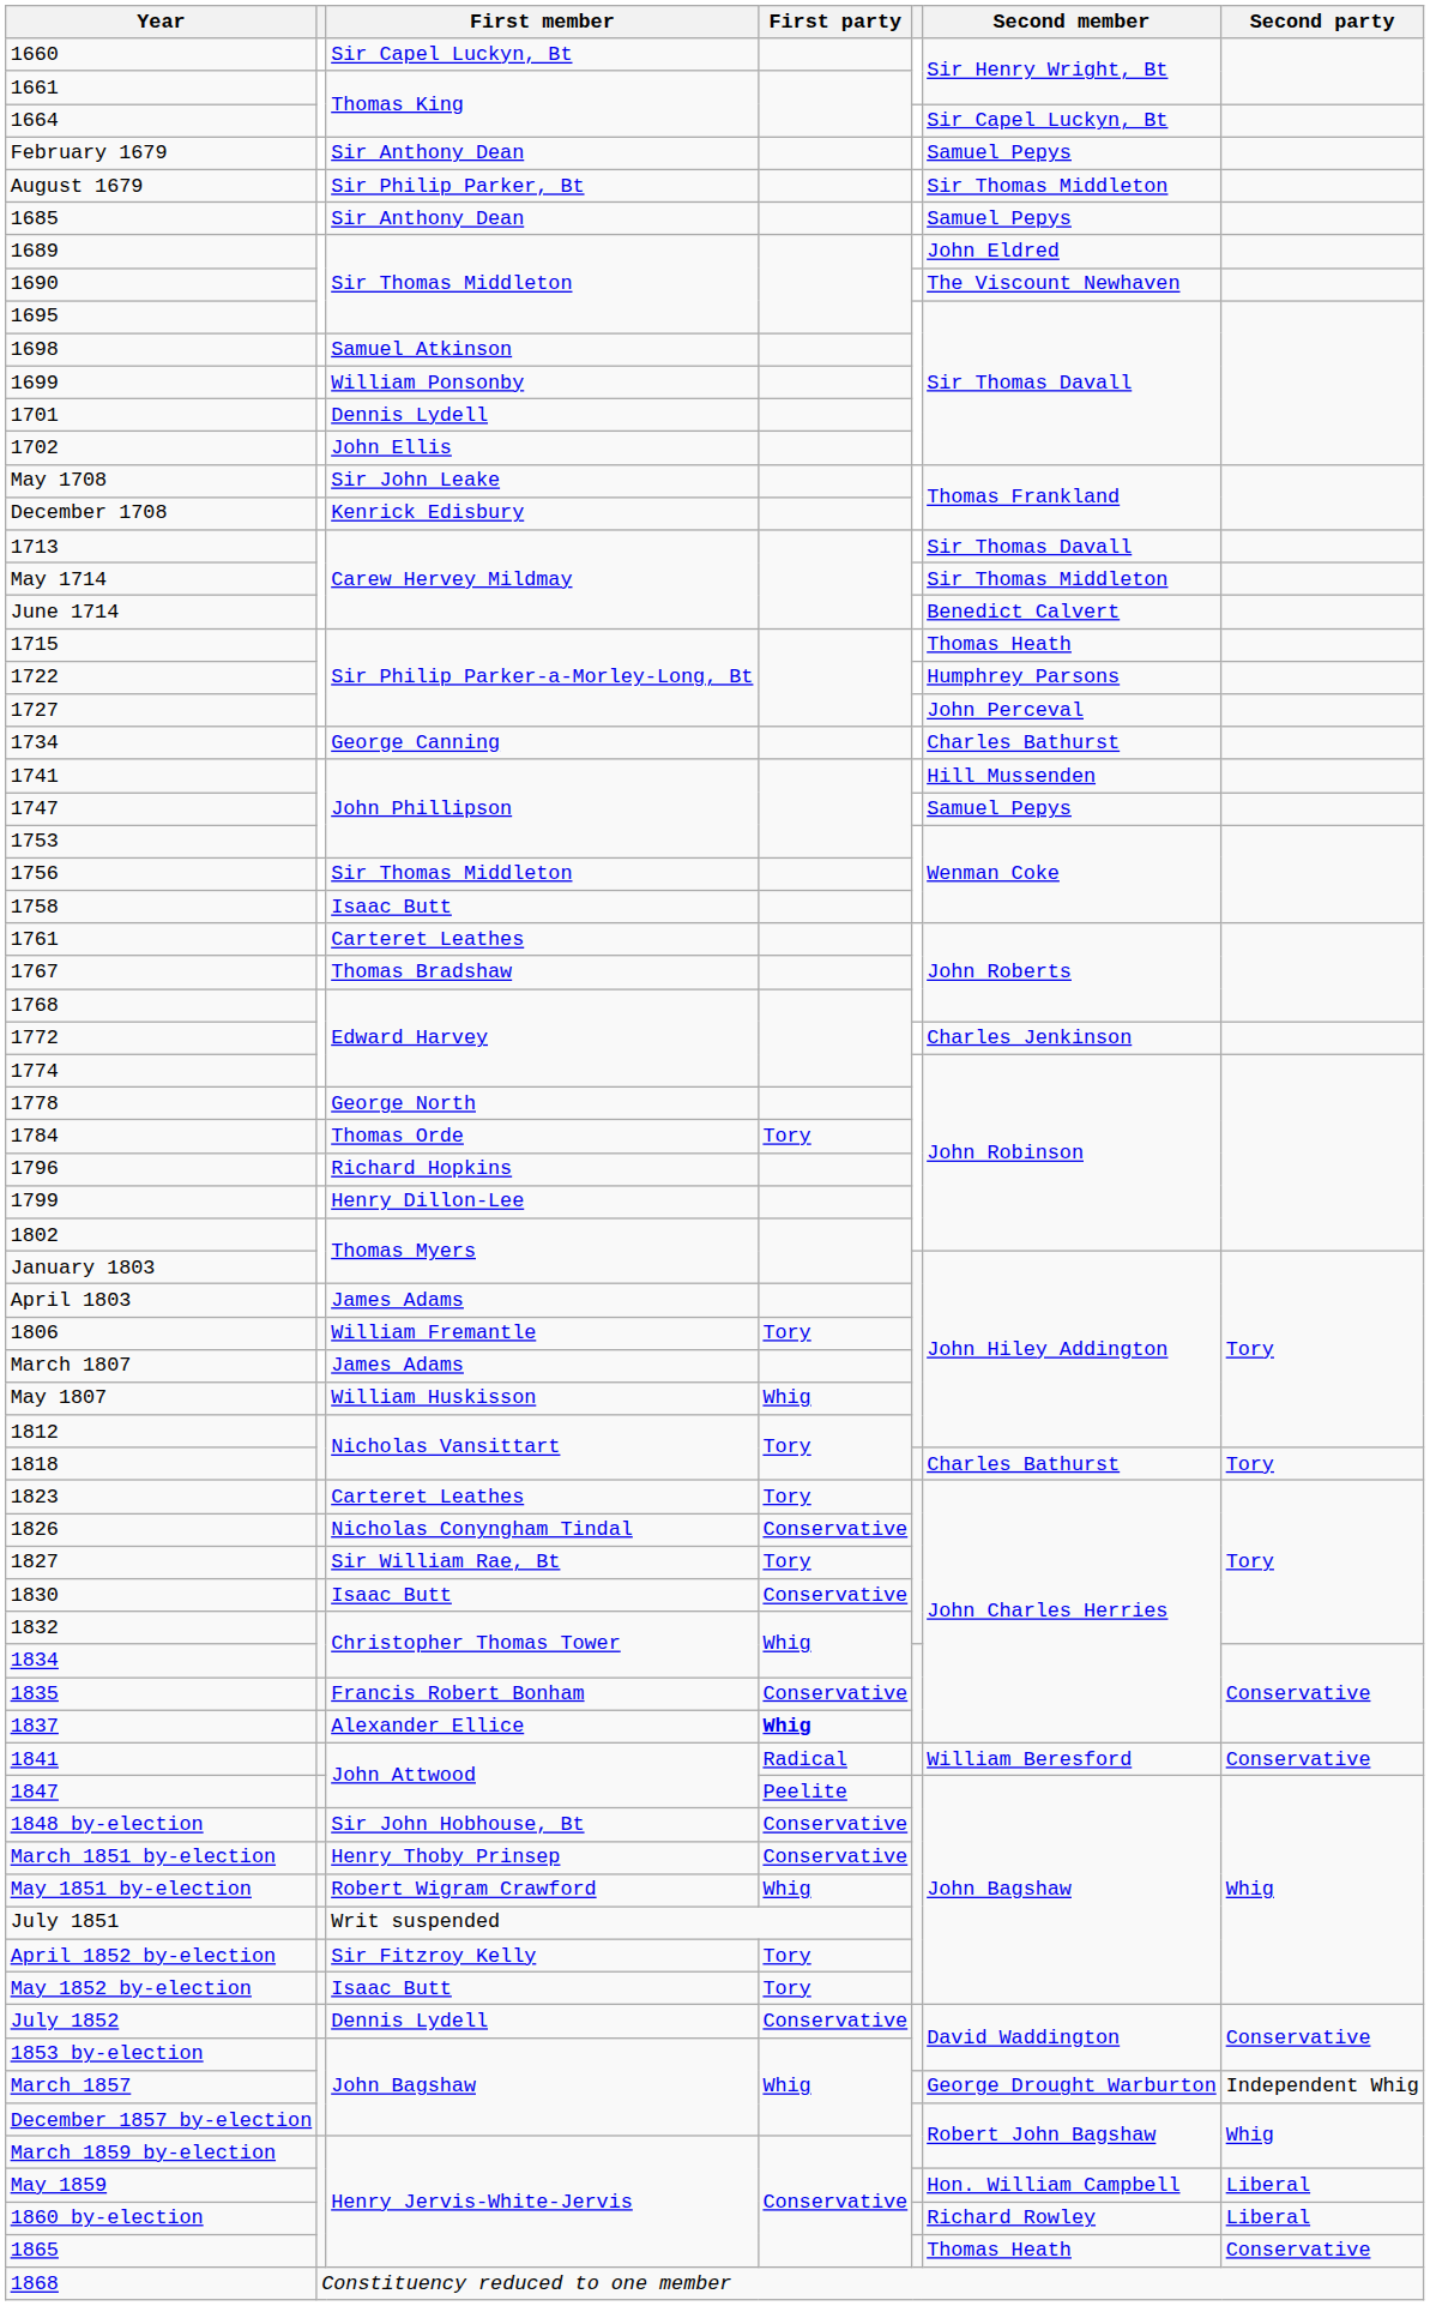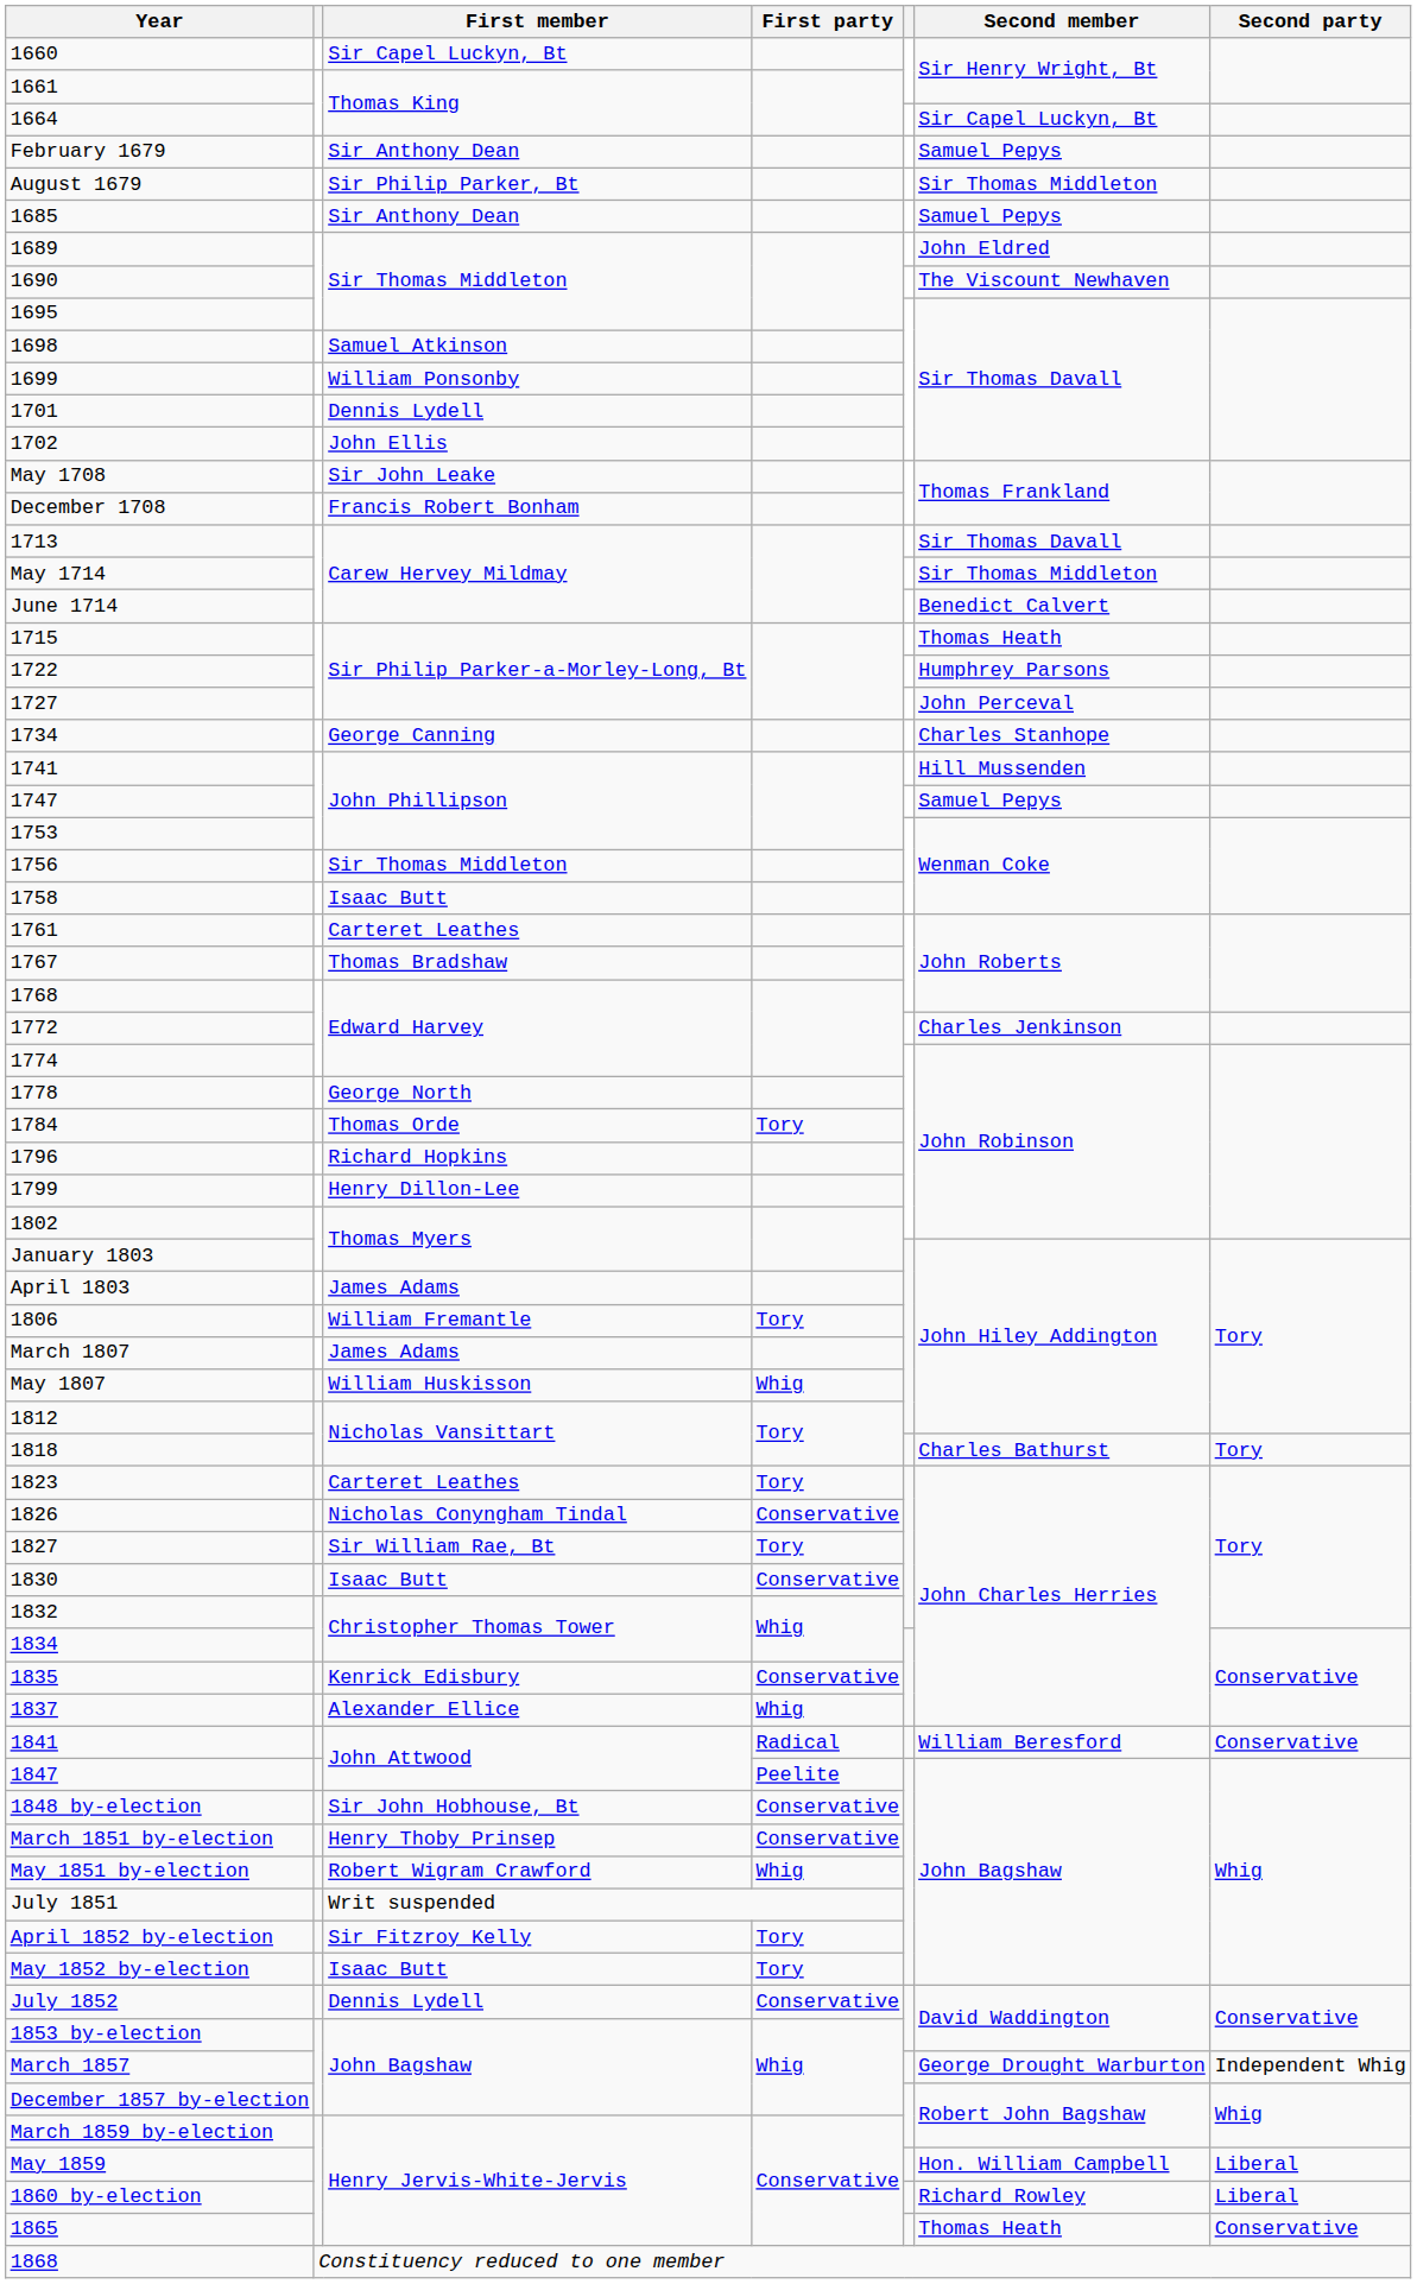 <table class="wikitable">
 <tr>
 <th>Year</th>
 <th></th>
 <th>First member</th>
 <th>First party</th>
 <th></th>
 <th>Second member</th>
 <th>Second party</th>
 </tr>
 <tr>
 <td>1660</td>
 <td style="color:inherit;background-color: white"></td>
 <td><a href='#'>Sir Capel Luckyn, Bt</a></td>
 <td></td>
 <td rowspan="2" style="color:inherit;background-color: white"></td>
 <td rowspan="2"><a href='#'>Sir Henry Wright, Bt</a></td>
 <td rowspan="2"></td>
 </tr>
 <tr>
 <td>1661</td>
 <td rowspan="2" style="color:inherit;background-color: white"></td>
 <td rowspan="2"><a href='#'>Thomas King</a></td>
 <td rowspan="2"></td>
 </tr>
 <tr>
 <td>1664</td>
 <td style="color:inherit;background-color: white"></td>
 <td><a href='#'>Sir Capel Luckyn, Bt</a></td>
 <td></td>
 </tr>
 <tr>
 <td>February 1679</td>
 <td style="color:inherit;background-color: white"></td>
 <td><a href='#'>Sir Anthony Dean</a></td>
 <td></td>
 <td style="color:inherit;background-color: white"></td>
 <td><a href='#'>Samuel Pepys</a></td>
 <td></td>
 </tr>
 <tr>
 <td>August 1679</td>
 <td style="color:inherit;background-color: white"></td>
 <td><a href='#'>Sir Philip Parker, Bt</a></td>
 <td></td>
 <td style="color:inherit;background-color: white"></td>
 <td><a href='#'>Sir Thomas Middleton</a></td>
 <td></td>
 </tr>
 <tr>
 <td>1685</td>
 <td style="color:inherit;background-color: white"></td>
 <td><a href='#'>Sir Anthony Dean</a></td>
 <td></td>
 <td style="color:inherit;background-color: white"></td>
 <td><a href='#'>Samuel Pepys</a></td>
 <td></td>
 </tr>
 <tr>
 <td>1689</td>
 <td rowspan="3" style="color:inherit;background-color: white"></td>
 <td rowspan="3"><a href='#'>Sir Thomas Middleton</a></td>
 <td rowspan="3"></td>
 <td style="color:inherit;background-color: white"></td>
 <td><a href='#'>John Eldred</a></td>
 <td></td>
 </tr>
 <tr>
 <td>1690</td>
 <td style="color:inherit;background-color: white"></td>
 <td><a href='#'>The Viscount Newhaven</a></td>
 <td></td>
 </tr>
 <tr>
 <td>1695</td>
 <td rowspan="5" style="color:inherit;background-color: white"></td>
 <td rowspan="5"><a href='#'>Sir Thomas Davall</a></td>
 <td rowspan="5"></td>
 </tr>
 <tr>
 <td>1698</td>
 <td style="color:inherit;background-color: white"></td>
 <td><a href='#'>Samuel Atkinson</a></td>
 <td></td>
 </tr>
 <tr>
 <td>1699</td>
 <td style="color:inherit;background-color: white"></td>
 <td><a href='#'>William Ponsonby</a></td>
 <td></td>
 </tr>
 <tr>
 <td>1701</td>
 <td style="color:inherit;background-color: white"></td>
 <td><a href='#'>Dennis Lydell</a></td>
 <td></td>
 </tr>
 <tr>
 <td>1702</td>
 <td style="color:inherit;background-color: white"></td>
 <td><a href='#'>John Ellis</a></td>
 <td></td>
 </tr>
 <tr>
 <td>May 1708</td>
 <td style="color:inherit;background-color: white"></td>
 <td><a href='#'>Sir John Leake</a></td>
 <td></td>
 <td rowspan="2" style="color:inherit;background-color: white"></td>
 <td rowspan="2"><a href='#'>Thomas Frankland</a></td>
 <td rowspan="2"></td>
 </tr>
 <tr>
 <td>December 1708</td>
 <td style="color:inherit;background-color: white"></td>
-<td><a href='#'>Kenrick Edisbury</a></td>
+<td><a href='#'>Francis Robert Bonham</a></td>
 <td></td>
 </tr>
 <tr>
 <td>1713</td>
 <td rowspan="3" style="color:inherit;background-color: white"></td>
 <td rowspan="3"><a href='#'>Carew Hervey Mildmay</a></td>
 <td rowspan="3"></td>
 <td style="color:inherit;background-color: white"></td>
 <td><a href='#'>Sir Thomas Davall</a></td>
 <td></td>
 </tr>
 <tr>
 <td>May 1714</td>
 <td style="color:inherit;background-color: white"></td>
 <td><a href='#'>Sir Thomas Middleton</a></td>
 <td></td>
 </tr>
 <tr>
 <td>June 1714</td>
 <td style="color:inherit;background-color: white"></td>
 <td><a href='#'>Benedict Calvert</a></td>
 <td></td>
 </tr>
 <tr>
 <td>1715</td>
 <td rowspan="3" style="color:inherit;background-color: white"></td>
 <td rowspan="3"><a href='#'>Sir Philip Parker-a-Morley-Long, Bt</a></td>
 <td rowspan="3"></td>
 <td style="color:inherit;background-color: white"></td>
 <td><a href='#'>Thomas Heath</a></td>
 <td></td>
 </tr>
 <tr>
 <td>1722</td>
 <td style="color:inherit;background-color: white"></td>
 <td><a href='#'>Humphrey Parsons</a></td>
 <td></td>
 </tr>
 <tr>
 <td>1727</td>
 <td style="color:inherit;background-color: white"></td>
 <td><a href='#'>John Perceval</a></td>
 <td></td>
 </tr>
 <tr>
 <td>1734</td>
 <td style="color:inherit;background-color: white"></td>
 <td><a href='#'>George Canning</a></td>
 <td></td>
 <td style="color:inherit;background-color: white"></td>
-<td><a href='#'>Charles Bathurst</a></td>
+<td><a href='#'>Charles Stanhope</a></td>
 <td></td>
 </tr>
 <tr>
 <td>1741</td>
 <td rowspan="3" style="color:inherit;background-color: white"></td>
 <td rowspan="3"><a href='#'>John Phillipson</a></td>
 <td rowspan="3"></td>
 <td style="color:inherit;background-color: white"></td>
 <td><a href='#'>Hill Mussenden</a></td>
 <td></td>
 </tr>
 <tr>
 <td>1747</td>
 <td style="color:inherit;background-color: white"></td>
 <td><a href='#'>Samuel Pepys</a></td>
 <td></td>
 </tr>
 <tr>
 <td>1753</td>
 <td rowspan="3" style="color:inherit;background-color: white"></td>
 <td rowspan="3"><a href='#'>Wenman Coke</a></td>
 <td rowspan="3"></td>
 </tr>
 <tr>
 <td>1756</td>
 <td style="color:inherit;background-color: white"></td>
 <td><a href='#'>Sir Thomas Middleton</a></td>
 <td></td>
 </tr>
 <tr>
 <td>1758</td>
 <td style="color:inherit;background-color: white"></td>
 <td><a href='#'>Isaac Butt</a></td>
 <td></td>
 </tr>
 <tr>
 <td>1761</td>
 <td style="color:inherit;background-color: white"></td>
 <td><a href='#'>Carteret Leathes</a></td>
 <td></td>
 <td rowspan="3" style="color:inherit;background-color: white"></td>
 <td rowspan="3"><a href='#'>John Roberts</a></td>
 <td rowspan="3"></td>
 </tr>
 <tr>
 <td>1767</td>
 <td style="color:inherit;background-color: white"></td>
 <td><a href='#'>Thomas Bradshaw</a></td>
 <td></td>
 </tr>
 <tr>
 <td>1768</td>
 <td rowspan="3" style="color:inherit;background-color: white"></td>
 <td rowspan="3"><a href='#'>Edward Harvey</a></td>
 <td rowspan="3"></td>
 </tr>
 <tr>
 <td>1772</td>
 <td style="color:inherit;background-color: white"></td>
 <td><a href='#'>Charles Jenkinson</a></td>
 <td></td>
 </tr>
 <tr>
 <td>1774</td>
 <td rowspan="6" style="color:inherit;background-color: white"></td>
 <td rowspan="6"><a href='#'>John Robinson</a></td>
 <td rowspan="6"></td>
 </tr>
 <tr>
 <td>1778</td>
 <td style="color:inherit;background-color: white"></td>
 <td><a href='#'>George North</a></td>
 <td></td>
 </tr>
 <tr>
 <td>1784</td>
 <td style="color:inherit;background-color: "></td>
 <td><a href='#'>Thomas Orde</a></td>
 <td><a href='#'>Tory</a></td>
 </tr>
 <tr>
 <td>1796</td>
 <td style="color:inherit;background-color: white"></td>
 <td><a href='#'>Richard Hopkins</a></td>
 <td></td>
 </tr>
 <tr>
 <td>1799</td>
 <td style="color:inherit;background-color: white"></td>
 <td><a href='#'>Henry Dillon-Lee</a></td>
 <td></td>
 </tr>
 <tr>
 <td>1802</td>
 <td rowspan="2" style="color:inherit;background-color: white"></td>
 <td rowspan="2"><a href='#'>Thomas Myers</a></td>
 <td rowspan="2"></td>
 </tr>
 <tr>
 <td>January 1803</td>
 <td rowspan="6" style="color:inherit;background-color: "></td>
 <td rowspan="6"><a href='#'>John Hiley Addington</a></td>
 <td rowspan="6"><a href='#'>Tory</a></td>
 </tr>
 <tr>
 <td>April 1803</td>
 <td style="color:inherit;background-color: white"></td>
 <td><a href='#'>James Adams</a></td>
 <td></td>
 </tr>
 <tr>
 <td>1806</td>
 <td style="color:inherit;background-color: "></td>
 <td><a href='#'>William Fremantle</a></td>
 <td><a href='#'>Tory</a></td>
 </tr>
 <tr>
 <td>March 1807</td>
 <td style="color:inherit;background-color: white"></td>
 <td><a href='#'>James Adams</a></td>
 <td></td>
 </tr>
 <tr>
 <td>May 1807</td>
 <td style="color:inherit;background-color: "></td>
 <td><a href='#'>William Huskisson</a></td>
 <td><a href='#'>Whig</a></td>
 </tr>
 <tr>
 <td>1812</td>
 <td rowspan="2" style="color:inherit;background-color: "></td>
 <td rowspan="2"><a href='#'>Nicholas Vansittart</a></td>
 <td rowspan="2"><a href='#'>Tory</a></td>
 </tr>
 <tr>
 <td>1818</td>
 <td style="color:inherit;background-color: "></td>
 <td><a href='#'>Charles Bathurst</a></td>
 <td><a href='#'>Tory</a></td>
 </tr>
 <tr>
 <td>1823</td>
 <td style="color:inherit;background-color: "></td>
 <td><a href='#'>Carteret Leathes</a></td>
 <td><a href='#'>Tory</a></td>
 <td rowspan="5" style="color:inherit;background-color: "></td>
 <td rowspan="8"><a href='#'>John Charles Herries</a></td>
 <td rowspan="5"><a href='#'>Tory</a></td>
 </tr>
 <tr>
 <td>1826</td>
 <td style="color:inherit;background-color: "></td>
 <td><a href='#'>Nicholas Conyngham Tindal</a></td>
 <td><a href='#'>Conservative</a></td>
 </tr>
 <tr>
 <td>1827</td>
 <td style="color:inherit;background-color: "></td>
 <td><a href='#'>Sir William Rae, Bt</a></td>
 <td><a href='#'>Tory</a></td>
 </tr>
 <tr>
 <td>1830</td>
 <td style="color:inherit;background-color: "></td>
 <td><a href='#'>Isaac Butt</a></td>
 <td><a href='#'>Conservative</a></td>
 </tr>
 <tr>
 <td>1832</td>
 <td rowspan="2" style="color:inherit;background-color: "></td>
 <td rowspan="2"><a href='#'>Christopher Thomas Tower</a></td>
 <td rowspan="2"><a href='#'>Whig</a></td>
 </tr>
 <tr>
 <td><a href='#'>1834</a></td>
 <td rowspan="3" style="color:inherit;background-color: "></td>
 <td rowspan="3"><a href='#'>Conservative</a></td>
 </tr>
 <tr>
 <td><a href='#'>1835</a></td>
 <td style="color:inherit;background-color: "></td>
-<td><a href='#'>Francis Robert Bonham</a></td>
+<td><a href='#'>Kenrick Edisbury</a></td>
 <td><a href='#'>Conservative</a></td>
 </tr>
 <tr>
 <td><a href='#'>1837</a></td>
 <td style="color:inherit;background-color: "></td>
 <td><a href='#'>Alexander Ellice</a></td>
-<td><strong><a href='#'>Whig</a></strong></td>
+<td><a href='#'>Whig</a></td>
 </tr>
 <tr>
 <td><a href='#'>1841</a></td>
 <td style="color:inherit;background-color: "></td>
 <td rowspan="2"><a href='#'>John Attwood</a></td>
 <td><a href='#'>Radical</a></td>
 <td style="color:inherit;background-color: "></td>
 <td><a href='#'>William Beresford</a></td>
 <td><a href='#'>Conservative</a></td>
 </tr>
 <tr>
 <td><a href='#'>1847</a></td>
 <td style="color:inherit;background-color: "></td>
 <td><a href='#'>Peelite</a></td>
 <td rowspan="7" style="color:inherit;background-color: "></td>
 <td rowspan="7"><a href='#'>John Bagshaw</a></td>
 <td rowspan="7"><a href='#'>Whig</a></td>
 </tr>
 <tr>
 <td><a href='#'>1848 by-election</a></td>
 <td style="color:inherit;background-color: "></td>
 <td><a href='#'>Sir John Hobhouse, Bt</a></td>
 <td><a href='#'>Conservative</a></td>
 </tr>
 <tr>
 <td><a href='#'>March 1851 by-election</a></td>
 <td style="color:inherit;background-color: "></td>
 <td><a href='#'>Henry Thoby Prinsep</a></td>
 <td><a href='#'>Conservative</a></td>
 </tr>
 <tr>
 <td><a href='#'>May 1851 by-election</a></td>
 <td style="color:inherit;background-color: "></td>
 <td><a href='#'>Robert Wigram Crawford</a></td>
 <td><a href='#'>Whig</a></td>
 </tr>
 <tr>
 <td>July 1851</td>
 <td></td>
 <td colspan="2">Writ suspended</td>
 </tr>
 <tr>
 <td><a href='#'>April 1852 by-election</a></td>
 <td style="color:inherit;background-color: "></td>
 <td><a href='#'>Sir Fitzroy Kelly</a></td>
 <td><a href='#'>Tory</a></td>
 </tr>
 <tr>
 <td><a href='#'>May 1852 by-election</a></td>
 <td style="color:inherit;background-color: "></td>
 <td><a href='#'>Isaac Butt</a></td>
 <td><a href='#'>Tory</a></td>
 </tr>
 <tr>
 <td><a href='#'>July 1852</a></td>
 <td style="color:inherit;background-color: "></td>
 <td><a href='#'>Dennis Lydell</a></td>
 <td><a href='#'>Conservative</a></td>
 <td rowspan="2" style="color:inherit;background-color: "></td>
 <td rowspan="2"><a href='#'>David Waddington</a></td>
 <td rowspan="2"><a href='#'>Conservative</a></td>
 </tr>
 <tr>
 <td><a href='#'>1853 by-election</a></td>
 <td rowspan="3" style="color:inherit;background-color: "></td>
 <td rowspan="3"><a href='#'>John Bagshaw</a></td>
 <td rowspan="3"><a href='#'>Whig</a></td>
 </tr>
 <tr>
 <td><a href='#'>March 1857</a></td>
 <td style="color:inherit;background-color: "></td>
 <td><a href='#'>George Drought Warburton</a></td>
 <td>Independent Whig</td>
 </tr>
 <tr>
 <td><a href='#'>December 1857 by-election</a></td>
 <td rowspan="2" style="color:inherit;background-color: "></td>
 <td rowspan="2"><a href='#'>Robert John Bagshaw</a></td>
 <td rowspan="2"><a href='#'>Whig</a></td>
 </tr>
 <tr>
 <td><a href='#'>March 1859 by-election</a></td>
 <td rowspan="4" style="color:inherit;background-color: "></td>
 <td rowspan="4"><a href='#'>Henry Jervis-White-Jervis</a></td>
 <td rowspan="4"><a href='#'>Conservative</a></td>
 </tr>
 <tr>
 <td><a href='#'>May 1859</a></td>
 <td style="color:inherit;background-color: "></td>
 <td><a href='#'>Hon. William Campbell</a></td>
 <td><a href='#'>Liberal</a></td>
 </tr>
 <tr>
 <td><a href='#'>1860 by-election</a></td>
 <td style="color:inherit;background-color: "></td>
 <td><a href='#'>Richard Rowley</a></td>
 <td><a href='#'>Liberal</a></td>
 </tr>
 <tr>
 <td><a href='#'>1865</a></td>
 <td style="color:inherit;background-color: "></td>
 <td><a href='#'>Thomas Heath</a></td>
 <td><a href='#'>Conservative</a></td>
 </tr>
 <tr>
 <td><a href='#'>1868</a></td>
 <td colspan="6"><em>Constituency reduced to one member</em></td>
 </tr>
 </table>
